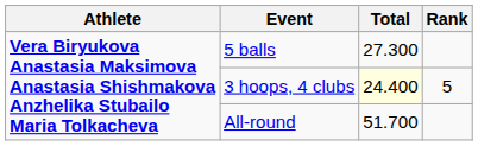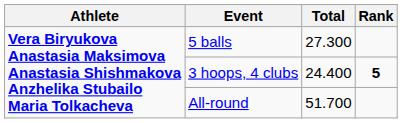 <table class="wikitable" style="text-align:center; font-size:90%">
 <tr style="font-size:95%">
 <th>Athlete</th>
 <th>Event</th>
 <th>Total</th>
 <th>Rank</th>
 </tr>
 <tr>
 <td rowspan=3 align="left"><strong><a href='#'>Vera Biryukova</a><br><a href='#'>Anastasia Maksimova</a><br><a href='#'>Anastasia Shishmakova</a><br><a href='#'>Anzhelika Stubailo</a><br><a href='#'>Maria Tolkacheva</a></strong></td>
 <td align=left><a href='#'>5 balls</a></td>
 <td>27.300</td>
 <td></td>
 </tr>
 <tr>
 <td align=left><a href='#'>3 hoops, 4 clubs</a></td>
-<td style="background: lightyellow;">24.400</td>
-<td>5</td>
+<td>24.400</td>
+<td><strong>5</strong></td>
 </tr>
 <tr>
 <td align=left><a href='#'>All-round</a></td>
 <td>51.700</td>
 <td></td>
 </tr>
 </table>
